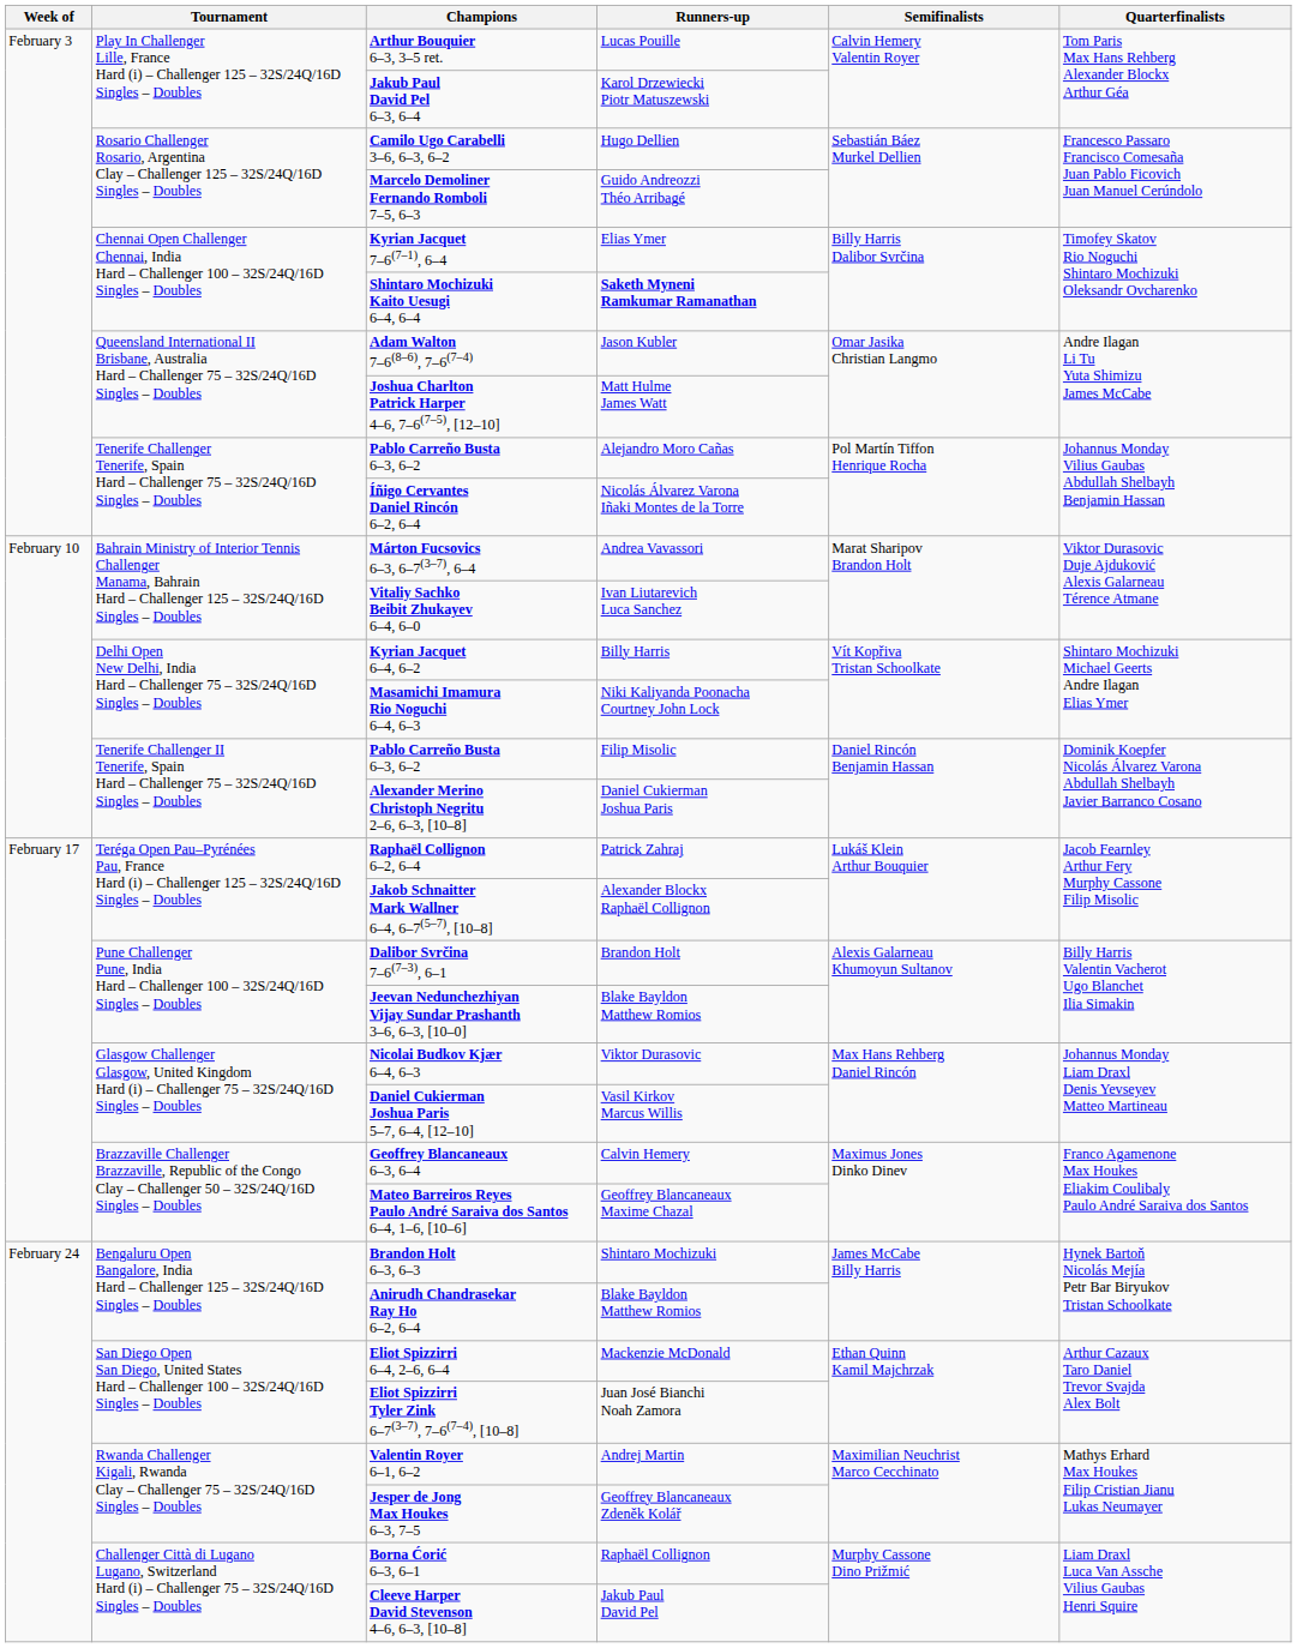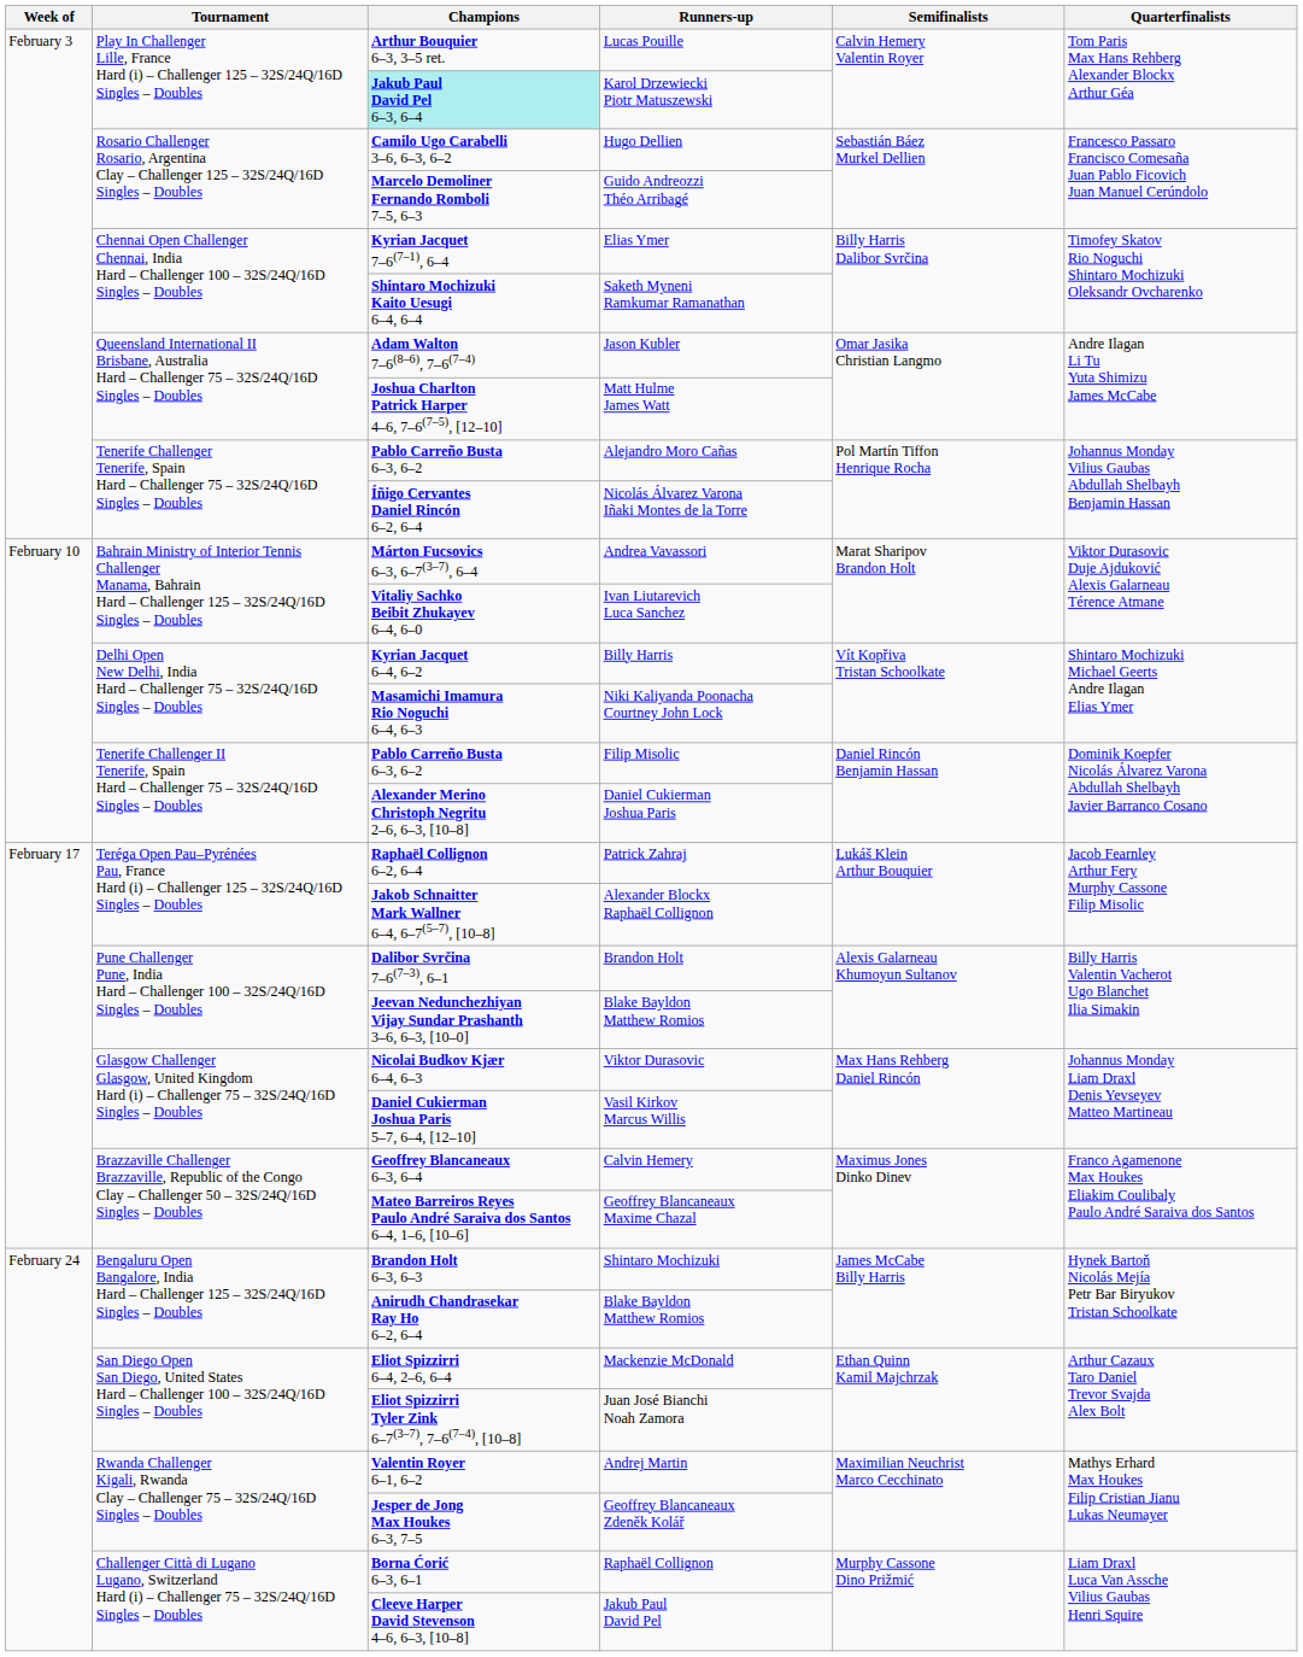 <table class="wikitable" style="font-size:85%;">
 <tr>
 <th width="75">Week of</th>
 <th width="250">Tournament</th>
 <th width="210">Champions</th>
 <th width="210">Runners-up</th>
 <th width="210">Semifinalists</th>
 <th width="210">Quarterfinalists</th>
 </tr>
 <tr valign=top>
 <td rowspan=10>February 3</td>
 <td rowspan=2><a href='#'>Play In Challenger</a><br><a href='#'>Lille</a>, France <br> Hard (i) – Challenger 125 – 32S/24Q/16D<br><a href='#'>Singles</a> – <a href='#'>Doubles</a></td>
 <td> <strong><a href='#'>Arthur Bouquier</a></strong><br>6–3, 3–5 ret.</td>
 <td> <a href='#'>Lucas Pouille</a></td>
 <td rowspan=2> <a href='#'>Calvin Hemery</a> <br>  <a href='#'>Valentin Royer</a></td>
 <td rowspan=2> <a href='#'>Tom Paris</a> <br>  <a href='#'>Max Hans Rehberg</a> <br> <a href='#'>Alexander Blockx</a> <br>  <a href='#'>Arthur Géa</a></td>
 </tr>
 <tr valign=top>
-<td> <strong><a href='#'>Jakub Paul</a></strong><br> <strong><a href='#'>David Pel</a></strong><br>6–3, 6–4</td>
+<td style="background: paleturquoise;"> <strong><a href='#'>Jakub Paul</a></strong><br> <strong><a href='#'>David Pel</a></strong><br>6–3, 6–4</td>
 <td> <a href='#'>Karol Drzewiecki</a><br> <a href='#'>Piotr Matuszewski</a></td>
 </tr>
 <tr valign=top>
 <td rowspan=2><a href='#'>Rosario Challenger</a><br><a href='#'>Rosario</a>, Argentina <br> Clay – Challenger 125 – 32S/24Q/16D<br><a href='#'>Singles</a> – <a href='#'>Doubles</a></td>
 <td> <strong><a href='#'>Camilo Ugo Carabelli</a></strong><br>3–6, 6–3, 6–2</td>
 <td> <a href='#'>Hugo Dellien</a></td>
 <td rowspan=2> <a href='#'>Sebastián Báez</a> <br>  <a href='#'>Murkel Dellien</a></td>
 <td rowspan=2> <a href='#'>Francesco Passaro</a> <br>  <a href='#'>Francisco Comesaña</a> <br> <a href='#'>Juan Pablo Ficovich</a> <br>  <a href='#'>Juan Manuel Cerúndolo</a></td>
 </tr>
 <tr valign=top>
 <td> <strong><a href='#'>Marcelo Demoliner</a></strong><br> <strong><a href='#'>Fernando Romboli</a></strong><br>7–5, 6–3</td>
 <td> <a href='#'>Guido Andreozzi</a><br> <a href='#'>Théo Arribagé</a></td>
 </tr>
 <tr valign=top>
 <td rowspan=2><a href='#'>Chennai Open Challenger</a><br><a href='#'>Chennai</a>, India <br> Hard – Challenger 100 – 32S/24Q/16D<br><a href='#'>Singles</a> – <a href='#'>Doubles</a></td>
 <td> <strong><a href='#'>Kyrian Jacquet</a></strong><br>7–6<sup>(7–1)</sup>, 6–4</td>
 <td> <a href='#'>Elias Ymer</a></td>
 <td rowspan=2> <a href='#'>Billy Harris</a> <br>  <a href='#'>Dalibor Svrčina</a></td>
 <td rowspan=2> <a href='#'>Timofey Skatov</a> <br>  <a href='#'>Rio Noguchi</a> <br> <a href='#'>Shintaro Mochizuki</a> <br>  <a href='#'>Oleksandr Ovcharenko</a></td>
 </tr>
 <tr valign=top>
 <td> <strong><a href='#'>Shintaro Mochizuki</a></strong><br> <strong><a href='#'>Kaito Uesugi</a></strong><br>6–4, 6–4</td>
-<td><strong> <a href='#'>Saketh Myneni</a><br> <a href='#'>Ramkumar Ramanathan</a></strong></td>
+<td> <a href='#'>Saketh Myneni</a><br> <a href='#'>Ramkumar Ramanathan</a></td>
 </tr>
 <tr valign=top>
 <td rowspan=2><a href='#'>Queensland International II</a><br><a href='#'>Brisbane</a>, Australia <br> Hard – Challenger 75 – 32S/24Q/16D<br><a href='#'>Singles</a> – <a href='#'>Doubles</a></td>
 <td> <strong><a href='#'>Adam Walton</a></strong><br>7–6<sup>(8–6)</sup>, 7–6<sup>(7–4)</sup></td>
 <td> <a href='#'>Jason Kubler</a></td>
 <td rowspan=2> <a href='#'>Omar Jasika</a> <br>  Christian Langmo</td>
 <td rowspan=2> Andre Ilagan <br>  <a href='#'>Li Tu</a> <br> <a href='#'>Yuta Shimizu</a> <br>  <a href='#'>James McCabe</a></td>
 </tr>
 <tr valign=top>
 <td> <strong><a href='#'>Joshua Charlton</a></strong><br> <strong><a href='#'>Patrick Harper</a></strong><br>4–6, 7–6<sup>(7–5)</sup>, [12–10]</td>
 <td> <a href='#'>Matt Hulme</a><br> <a href='#'>James Watt</a></td>
 </tr>
 <tr valign=top>
 <td rowspan=2><a href='#'>Tenerife Challenger</a><br><a href='#'>Tenerife</a>, Spain <br> Hard – Challenger 75 – 32S/24Q/16D<br><a href='#'>Singles</a> – <a href='#'>Doubles</a></td>
 <td> <strong><a href='#'>Pablo Carreño Busta</a></strong><br>6–3, 6–2</td>
 <td> <a href='#'>Alejandro Moro Cañas</a></td>
 <td rowspan=2> Pol Martín Tiffon <br>  <a href='#'>Henrique Rocha</a></td>
 <td rowspan=2> <a href='#'>Johannus Monday</a> <br>  <a href='#'>Vilius Gaubas</a> <br> <a href='#'>Abdullah Shelbayh</a> <br>  <a href='#'>Benjamin Hassan</a></td>
 </tr>
 <tr valign=top>
 <td> <strong><a href='#'>Íñigo Cervantes</a></strong><br> <strong><a href='#'>Daniel Rincón</a></strong><br>6–2, 6–4</td>
 <td> <a href='#'>Nicolás Álvarez Varona</a><br> <a href='#'>Iñaki Montes de la Torre</a></td>
 </tr>
 <tr valign=top>
 <td rowspan=6>February 10</td>
 <td rowspan=2><a href='#'>Bahrain Ministry of Interior Tennis Challenger</a><br><a href='#'>Manama</a>, Bahrain <br> Hard – Challenger 125 – 32S/24Q/16D<br><a href='#'>Singles</a> – <a href='#'>Doubles</a></td>
 <td> <strong><a href='#'>Márton Fucsovics</a></strong><br>6–3, 6–7<sup>(3–7)</sup>, 6–4</td>
 <td> <a href='#'>Andrea Vavassori</a></td>
 <td rowspan=2> Marat Sharipov <br>  <a href='#'>Brandon Holt</a></td>
 <td rowspan=2> <a href='#'>Viktor Durasovic</a> <br> <a href='#'>Duje Ajduković</a> <br> <a href='#'>Alexis Galarneau</a> <br>  <a href='#'>Térence Atmane</a></td>
 </tr>
 <tr valign=top>
 <td> <strong><a href='#'>Vitaliy Sachko</a></strong><br> <strong><a href='#'>Beibit Zhukayev</a></strong><br>6–4, 6–0</td>
 <td> <a href='#'>Ivan Liutarevich</a><br> <a href='#'>Luca Sanchez</a></td>
 </tr>
 <tr valign=top>
 <td rowspan=2><a href='#'>Delhi Open</a><br><a href='#'>New Delhi</a>, India <br> Hard – Challenger 75 – 32S/24Q/16D<br><a href='#'>Singles</a> – <a href='#'>Doubles</a></td>
 <td> <strong><a href='#'>Kyrian Jacquet</a></strong><br>6–4, 6–2</td>
 <td> <a href='#'>Billy Harris</a></td>
 <td rowspan=2> <a href='#'>Vít Kopřiva</a> <br>  <a href='#'>Tristan Schoolkate</a></td>
 <td rowspan=2> <a href='#'>Shintaro Mochizuki</a> <br> <a href='#'>Michael Geerts</a> <br> Andre Ilagan <br>  <a href='#'>Elias Ymer</a></td>
 </tr>
 <tr valign=top>
 <td> <strong><a href='#'>Masamichi Imamura</a></strong><br> <strong><a href='#'>Rio Noguchi</a></strong><br>6–4, 6–3</td>
 <td> <a href='#'>Niki Kaliyanda Poonacha</a><br> <a href='#'>Courtney John Lock</a></td>
 </tr>
 <tr valign=top>
 <td rowspan=2><a href='#'>Tenerife Challenger II</a><br><a href='#'>Tenerife</a>, Spain <br> Hard – Challenger 75 – 32S/24Q/16D<br><a href='#'>Singles</a> – <a href='#'>Doubles</a></td>
 <td> <strong><a href='#'>Pablo Carreño Busta</a></strong><br>6–3, 6–2</td>
 <td> <a href='#'>Filip Misolic</a></td>
 <td rowspan=2> <a href='#'>Daniel Rincón</a> <br>  <a href='#'>Benjamin Hassan</a></td>
 <td rowspan=2> <a href='#'>Dominik Koepfer</a> <br> <a href='#'>Nicolás Álvarez Varona</a> <br> <a href='#'>Abdullah Shelbayh</a> <br>  <a href='#'>Javier Barranco Cosano</a></td>
 </tr>
 <tr valign=top>
 <td> <strong><a href='#'>Alexander Merino</a></strong><br> <strong><a href='#'>Christoph Negritu</a></strong><br>2–6, 6–3, [10–8]</td>
 <td> <a href='#'>Daniel Cukierman</a><br> <a href='#'>Joshua Paris</a></td>
 </tr>
 <tr valign=top>
 <td rowspan=8>February 17</td>
 <td rowspan=2><a href='#'>Teréga Open Pau–Pyrénées</a><br><a href='#'>Pau</a>, France <br> Hard (i) – Challenger 125 – 32S/24Q/16D<br><a href='#'>Singles</a> – <a href='#'>Doubles</a></td>
 <td> <strong><a href='#'>Raphaël Collignon</a></strong><br>6–2, 6–4</td>
 <td> <a href='#'>Patrick Zahraj</a></td>
 <td rowspan=2> <a href='#'>Lukáš Klein</a> <br>  <a href='#'>Arthur Bouquier</a></td>
 <td rowspan=2> <a href='#'>Jacob Fearnley</a> <br> <a href='#'>Arthur Fery</a> <br> <a href='#'>Murphy Cassone</a> <br>  <a href='#'>Filip Misolic</a></td>
 </tr>
 <tr valign=top>
 <td> <strong><a href='#'>Jakob Schnaitter</a></strong><br> <strong><a href='#'>Mark Wallner</a></strong><br>6–4, 6–7<sup>(5–7)</sup>, [10–8]</td>
 <td> <a href='#'>Alexander Blockx</a><br> <a href='#'>Raphaël Collignon</a></td>
 </tr>
 <tr valign=top>
 <td rowspan=2><a href='#'>Pune Challenger</a><br><a href='#'>Pune</a>, India <br> Hard – Challenger 100 – 32S/24Q/16D<br><a href='#'>Singles</a> – <a href='#'>Doubles</a></td>
 <td> <strong><a href='#'>Dalibor Svrčina</a></strong><br>7–6<sup>(7–3)</sup>, 6–1</td>
 <td> <a href='#'>Brandon Holt</a></td>
 <td rowspan=2> <a href='#'>Alexis Galarneau</a> <br>  <a href='#'>Khumoyun Sultanov</a></td>
 <td rowspan=2> <a href='#'>Billy Harris</a> <br>  <a href='#'>Valentin Vacherot</a> <br> <a href='#'>Ugo Blanchet</a> <br>  <a href='#'>Ilia Simakin</a></td>
 </tr>
 <tr valign=top>
 <td> <strong><a href='#'>Jeevan Nedunchezhiyan</a></strong><br> <strong><a href='#'>Vijay Sundar Prashanth</a></strong><br>3–6, 6–3, [10–0]</td>
 <td> <a href='#'>Blake Bayldon</a><br> <a href='#'>Matthew Romios</a></td>
 </tr>
 <tr valign=top>
 <td rowspan=2><a href='#'>Glasgow Challenger</a><br><a href='#'>Glasgow</a>, United Kingdom <br> Hard (i) – Challenger 75 – 32S/24Q/16D<br><a href='#'>Singles</a> – <a href='#'>Doubles</a></td>
 <td> <strong><a href='#'>Nicolai Budkov Kjær</a></strong><br>6–4, 6–3</td>
 <td> <a href='#'>Viktor Durasovic</a></td>
 <td rowspan=2> <a href='#'>Max Hans Rehberg</a> <br>  <a href='#'>Daniel Rincón</a></td>
 <td rowspan=2> <a href='#'>Johannus Monday</a> <br> <a href='#'>Liam Draxl</a> <br> <a href='#'>Denis Yevseyev</a> <br>  <a href='#'>Matteo Martineau</a></td>
 </tr>
 <tr valign=top>
 <td> <strong><a href='#'>Daniel Cukierman</a></strong><br> <strong><a href='#'>Joshua Paris</a></strong><br>5–7, 6–4, [12–10]</td>
 <td> <a href='#'>Vasil Kirkov</a><br> <a href='#'>Marcus Willis</a></td>
 </tr>
 <tr valign=top>
 <td rowspan=2><a href='#'>Brazzaville Challenger</a><br><a href='#'>Brazzaville</a>, Republic of the Congo <br> Clay – Challenger 50 – 32S/24Q/16D<br><a href='#'>Singles</a> – <a href='#'>Doubles</a></td>
 <td> <strong><a href='#'>Geoffrey Blancaneaux</a></strong><br>6–3, 6–4</td>
 <td> <a href='#'>Calvin Hemery</a></td>
 <td rowspan=2> <a href='#'>Maximus Jones</a> <br>  Dinko Dinev</td>
 <td rowspan=2> <a href='#'>Franco Agamenone</a> <br> <a href='#'>Max Houkes</a> <br> <a href='#'>Eliakim Coulibaly</a> <br>  <a href='#'>Paulo André Saraiva dos Santos</a></td>
 </tr>
 <tr valign=top>
 <td> <strong><a href='#'>Mateo Barreiros Reyes</a></strong><br> <strong><a href='#'>Paulo André Saraiva dos Santos</a></strong><br>6–4, 1–6, [10–6]</td>
 <td> <a href='#'>Geoffrey Blancaneaux</a><br> <a href='#'>Maxime Chazal</a></td>
 </tr>
 <tr valign=top>
 <td rowspan=8>February 24</td>
 <td rowspan=2><a href='#'>Bengaluru Open</a><br><a href='#'>Bangalore</a>, India <br> Hard – Challenger 125 – 32S/24Q/16D<br><a href='#'>Singles</a> – <a href='#'>Doubles</a></td>
 <td> <strong><a href='#'>Brandon Holt</a></strong><br>6–3, 6–3</td>
 <td> <a href='#'>Shintaro Mochizuki</a></td>
 <td rowspan=2> <a href='#'>James McCabe</a> <br>  <a href='#'>Billy Harris</a></td>
 <td rowspan=2> <a href='#'>Hynek Bartoň</a> <br>  <a href='#'>Nicolás Mejía</a> <br>  Petr Bar Biryukov <br>  <a href='#'>Tristan Schoolkate</a></td>
 </tr>
 <tr valign=top>
 <td> <strong><a href='#'>Anirudh Chandrasekar</a></strong><br> <strong><a href='#'>Ray Ho</a></strong><br>6–2, 6–4</td>
 <td> <a href='#'>Blake Bayldon</a><br> <a href='#'>Matthew Romios</a></td>
 </tr>
 <tr valign=top>
 <td rowspan=2><a href='#'>San Diego Open</a><br><a href='#'>San Diego</a>, United States <br> Hard – Challenger 100 – 32S/24Q/16D<br><a href='#'>Singles</a> – <a href='#'>Doubles</a></td>
 <td> <strong><a href='#'>Eliot Spizzirri</a></strong><br>6–4, 2–6, 6–4</td>
 <td> <a href='#'>Mackenzie McDonald</a></td>
 <td rowspan=2> <a href='#'>Ethan Quinn</a> <br>  <a href='#'>Kamil Majchrzak</a></td>
 <td rowspan=2> <a href='#'>Arthur Cazaux</a> <br>  <a href='#'>Taro Daniel</a> <br> <a href='#'>Trevor Svajda</a> <br>  <a href='#'>Alex Bolt</a></td>
 </tr>
 <tr valign=top>
 <td> <strong><a href='#'>Eliot Spizzirri</a></strong><br> <strong><a href='#'>Tyler Zink</a></strong><br>6–7<sup>(3–7)</sup>, 7–6<sup>(7–4)</sup>, [10–8]</td>
 <td> Juan José Bianchi<br> Noah Zamora</td>
 </tr>
 <tr valign=top>
 <td rowspan=2><a href='#'>Rwanda Challenger</a><br><a href='#'>Kigali</a>, Rwanda <br> Clay – Challenger 75 – 32S/24Q/16D<br><a href='#'>Singles</a> – <a href='#'>Doubles</a></td>
 <td> <strong><a href='#'>Valentin Royer</a></strong><br>6–1, 6–2</td>
 <td> <a href='#'>Andrej Martin</a></td>
 <td rowspan=2> <a href='#'>Maximilian Neuchrist</a> <br>  <a href='#'>Marco Cecchinato</a></td>
 <td rowspan=2> Mathys Erhard <br> <a href='#'>Max Houkes</a> <br> <a href='#'>Filip Cristian Jianu</a> <br>  <a href='#'>Lukas Neumayer</a></td>
 </tr>
 <tr valign=top>
 <td> <strong><a href='#'>Jesper de Jong</a></strong><br> <strong><a href='#'>Max Houkes</a></strong><br>6–3, 7–5</td>
 <td> <a href='#'>Geoffrey Blancaneaux</a><br> <a href='#'>Zdeněk Kolář</a></td>
 </tr>
 <tr valign=top>
 <td rowspan=2><a href='#'>Challenger Città di Lugano</a><br><a href='#'>Lugano</a>, Switzerland <br> Hard (i) – Challenger 75 – 32S/24Q/16D<br><a href='#'>Singles</a> – <a href='#'>Doubles</a></td>
 <td> <strong><a href='#'>Borna Ćorić</a></strong><br>6–3, 6–1</td>
 <td> <a href='#'>Raphaël Collignon</a></td>
 <td rowspan=2> <a href='#'>Murphy Cassone</a> <br>  <a href='#'>Dino Prižmić</a></td>
 <td rowspan=2> <a href='#'>Liam Draxl</a> <br> <a href='#'>Luca Van Assche</a> <br> <a href='#'>Vilius Gaubas</a> <br>  <a href='#'>Henri Squire</a></td>
 </tr>
 <tr valign=top>
 <td> <strong><a href='#'>Cleeve Harper</a></strong><br> <strong><a href='#'>David Stevenson</a></strong><br>4–6, 6–3, [10–8]</td>
 <td> <a href='#'>Jakub Paul</a><br> <a href='#'>David Pel</a></td>
 </tr>
 </table>
